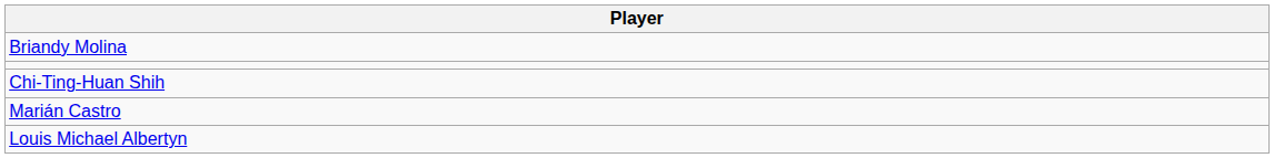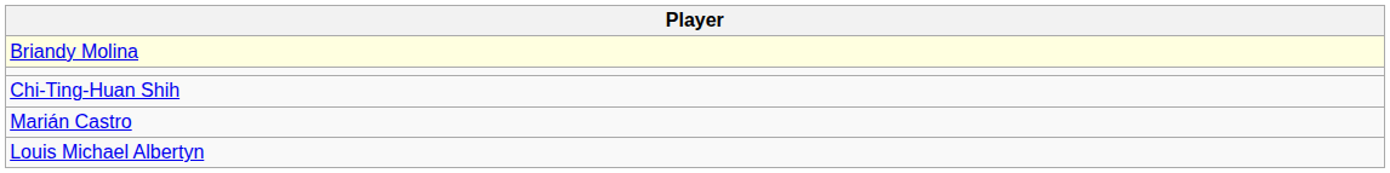 <table class="wikitable" style="border-collapse:collapse; width:90%">
 <tr>
 <th>Player</th>
 </tr>
 <tr>
-<td> <a href='#'>Briandy Molina</a></td>
+<td style="background: lightyellow;"> <a href='#'>Briandy Molina</a></td>
 </tr>
 <tr>
 <td> </td>
 </tr>
 <tr>
 <td> <a href='#'>Chi-Ting-Huan Shih</a></td>
 </tr>
 <tr>
 <td> <a href='#'>Marián Castro</a></td>
 </tr>
 <tr>
 <td> <a href='#'>Louis Michael Albertyn</a></td>
 </tr>
 </table>
